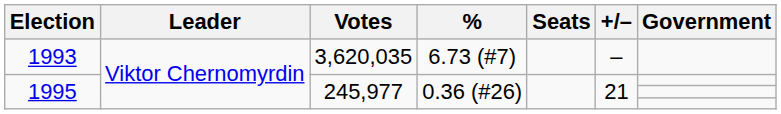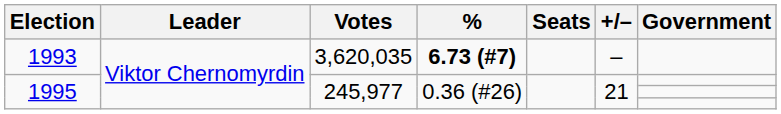 <table class=wikitable style=text-align:center>
 <tr>
 <th>Election</th>
 <th>Leader</th>
 <th>Votes</th>
 <th>%</th>
 <th>Seats</th>
 <th>+/–</th>
 <th>Government</th>
 </tr>
 <tr>
 <td><a href='#'>1993</a></td>
 <td rowspan="4"><a href='#'>Viktor Chernomyrdin</a></td>
 <td>3,620,035</td>
-<td>6.73 (#7)</td>
+<td><strong>6.73 (#7)</strong></td>
 <td></td>
 <td>–</td>
 <td></td>
 </tr>
 <tr>
 <td rowspan="3"><a href='#'>1995</a></td>
 <td rowspan="3">245,977</td>
 <td rowspan="3">0.36 (#26)</td>
 <td rowspan="3"></td>
 <td rowspan="3"> 21</td>
 <td></td>
 </tr>
 <tr>
 <td></td>
 </tr>
 <tr>
 <td></td>
 </tr>
 </table>
